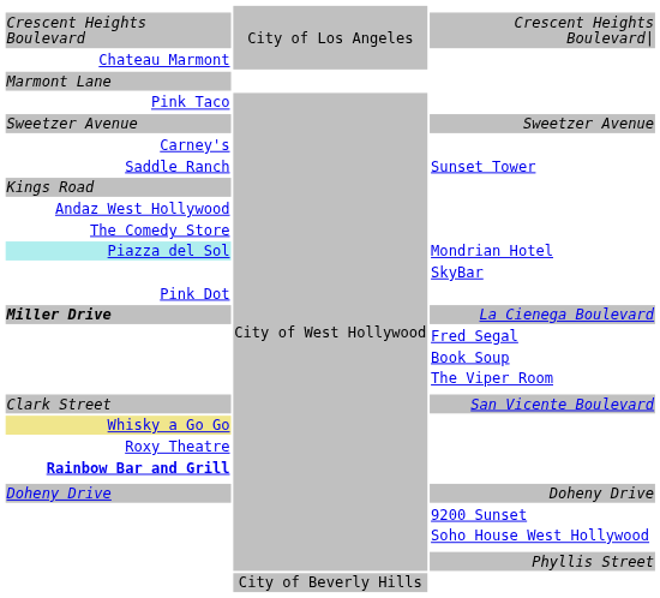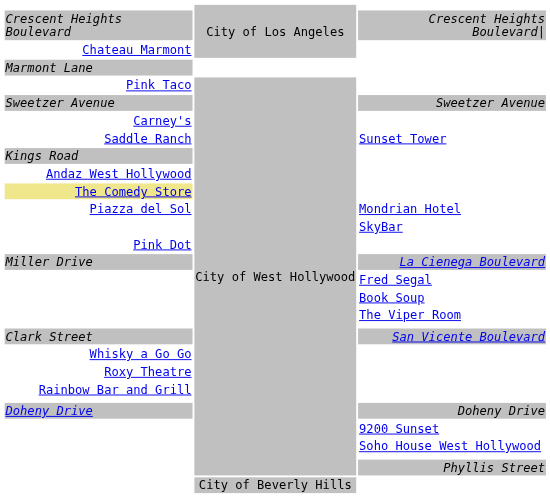 <table style="margin:auto;">
 <tr>
 <td style="text-align:right;"></td>
 <td style="background:silver; text-align:center" rowspan="4">City of Los Angeles</td>
 </tr>
 <tr>
 </tr>
 <tr style="background:silver;">
 <td style="width:200px;"><em>Crescent Heights Boulevard</em></td>
 <td style="width:200px; text-align:right;"><em>Crescent Heights Boulevard</em>|</td>
 </tr>
 <tr>
 <td style="text-align:right;"><a href='#'>Chateau Marmont</a></td>
 <td></td>
 </tr>
 <tr>
 <td style="background:silver;"><em>Marmont Lane</em></td>
 <td></td>
 </tr>
 <tr>
 <td style="text-align:right;"><a href='#'>Pink Taco</a></td>
 <td style="background:silver; text-align:center;" rowspan="25">City of West Hollywood</td>
 <td></td>
 </tr>
 <tr style="background:silver;">
 <td><em>Sweetzer Avenue</em></td>
 <td style="text-align:right;"><em>Sweetzer Avenue</em></td>
 </tr>
 <tr>
 <td style="text-align:right; "><a href='#'>Carney's</a></td>
 </tr>
 <tr>
 <td style="text-align:right; "><a href='#'>Saddle Ranch</a></td>
 <td><a href='#'>Sunset Tower</a></td>
 </tr>
 <tr>
 <td style="background:silver;"><em>Kings Road</em></td>
 <td></td>
 </tr>
 <tr>
 <td style="text-align:right; "><a href='#'>Andaz West Hollywood</a></td>
 </tr>
 <tr>
-<td style="text-align:right; "><a href='#'>The Comedy Store</a></td>
+<td style="background: khaki; text-align:right; "><a href='#'>The Comedy Store</a></td>
 </tr>
 <tr>
-<td style="background: paleturquoise; text-align:right;"><a href='#'>Piazza del Sol</a></td>
+<td style="text-align:right;"><a href='#'>Piazza del Sol</a></td>
 <td><a href='#'>Mondrian Hotel</a></td>
 <td></td>
 </tr>
 <tr>
 <td style="text-align:right;"></td>
 <td><a href='#'>SkyBar</a></td>
 </tr>
 <tr>
 <td style="text-align:right; "><a href='#'>Pink Dot</a></td>
 </tr>
 <tr style="background:silver;">
-<td><strong><em>Miller Drive</em></strong></td>
+<td><em>Miller Drive</em></td>
 <td style="text-align:right;"><em><a href='#'>La Cienega Boulevard</a></em></td>
 </tr>
 <tr>
 <td style="text-align:right;"></td>
 <td><a href='#'>Fred Segal</a></td>
 </tr>
 <tr>
 <td style="text-align:right;"></td>
 <td><a href='#'>Book Soup</a></td>
 </tr>
 <tr>
 <td style="text-align:right;"></td>
 <td><a href='#'>The Viper Room</a></td>
 </tr>
 <tr>
 <td></td>
 <td></td>
 </tr>
 <tr style="background:silver;">
 <td><em>Clark Street</em></td>
 <td style="text-align:right;"><em><a href='#'>San Vicente Boulevard</a></em></td>
 </tr>
 <tr>
-<td style="background: khaki; text-align:right;"><a href='#'>Whisky a Go Go</a></td>
+<td style="text-align:right;"><a href='#'>Whisky a Go Go</a></td>
 <td></td>
 </tr>
 <tr>
 <td style="text-align:right;"><a href='#'>Roxy Theatre</a></td>
 <td></td>
 </tr>
 <tr>
-<td style="text-align:right;"><strong><a href='#'>Rainbow Bar and Grill</a></strong></td>
+<td style="text-align:right;"><a href='#'>Rainbow Bar and Grill</a></td>
 <td></td>
 </tr>
 <tr>
 <td style="text-align:right;"></td>
 <td></td>
 </tr>
 <tr style="background:silver;">
 <td><em><a href='#'>Doheny Drive</a></em></td>
 <td style="text-align:right;"><em>Doheny Drive</em></td>
 </tr>
 <tr>
 <td style="text-align:right;"></td>
 <td><a href='#'>9200 Sunset</a></td>
 <td></td>
 </tr>
 <tr>
 <td style="text-align:right;"></td>
 <td><a href='#'>Soho House West Hollywood</a></td>
 <td></td>
 </tr>
 <tr>
 <td></td>
 </tr>
 <tr>
 <td></td>
 <td style="background:silver; text-align:right;"><em>Phyllis Street</em></td>
 </tr>
 <tr>
 <td></td>
 <td style="background:silver; text-align:center;">City of Beverly Hills</td>
 </tr>
 </table>
